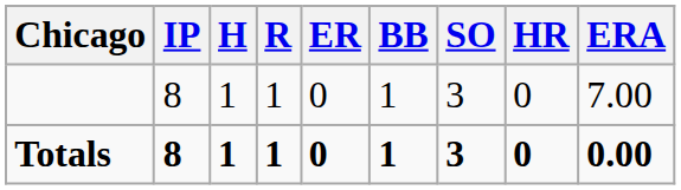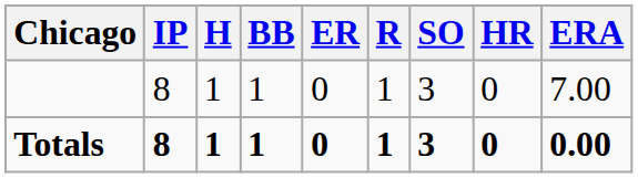 <table class="wikitable sortable">
 <tr>
 <th>Chicago</th>
 <th><a href='#'>IP</a></th>
 <th><a href='#'>H</a></th>
+<th><a href='#'>BB</a></th>
+<th><a href='#'>ER</a></th>
 <th><a href='#'>R</a></th>
-<th><a href='#'>ER</a></th>
-<th><a href='#'>BB</a></th>
 <th><a href='#'>SO</a></th>
 <th><a href='#'>HR</a></th>
 <th><a href='#'>ERA</a></th>
 </tr>
 <tr>
 <td></td>
 <td>8</td>
 <td>1</td>
 <td>1</td>
 <td>0</td>
 <td>1</td>
 <td>3</td>
 <td>0</td>
 <td>7.00</td>
 </tr>
 <tr class="sortbottom">
 <td><strong>Totals</strong></td>
 <td><strong>8</strong></td>
 <td><strong>1</strong></td>
 <td><strong>1</strong></td>
 <td><strong>0</strong></td>
 <td><strong>1</strong></td>
 <td><strong>3</strong></td>
 <td><strong>0</strong></td>
 <td><strong>0.00</strong></td>
 </tr>
 </table>
